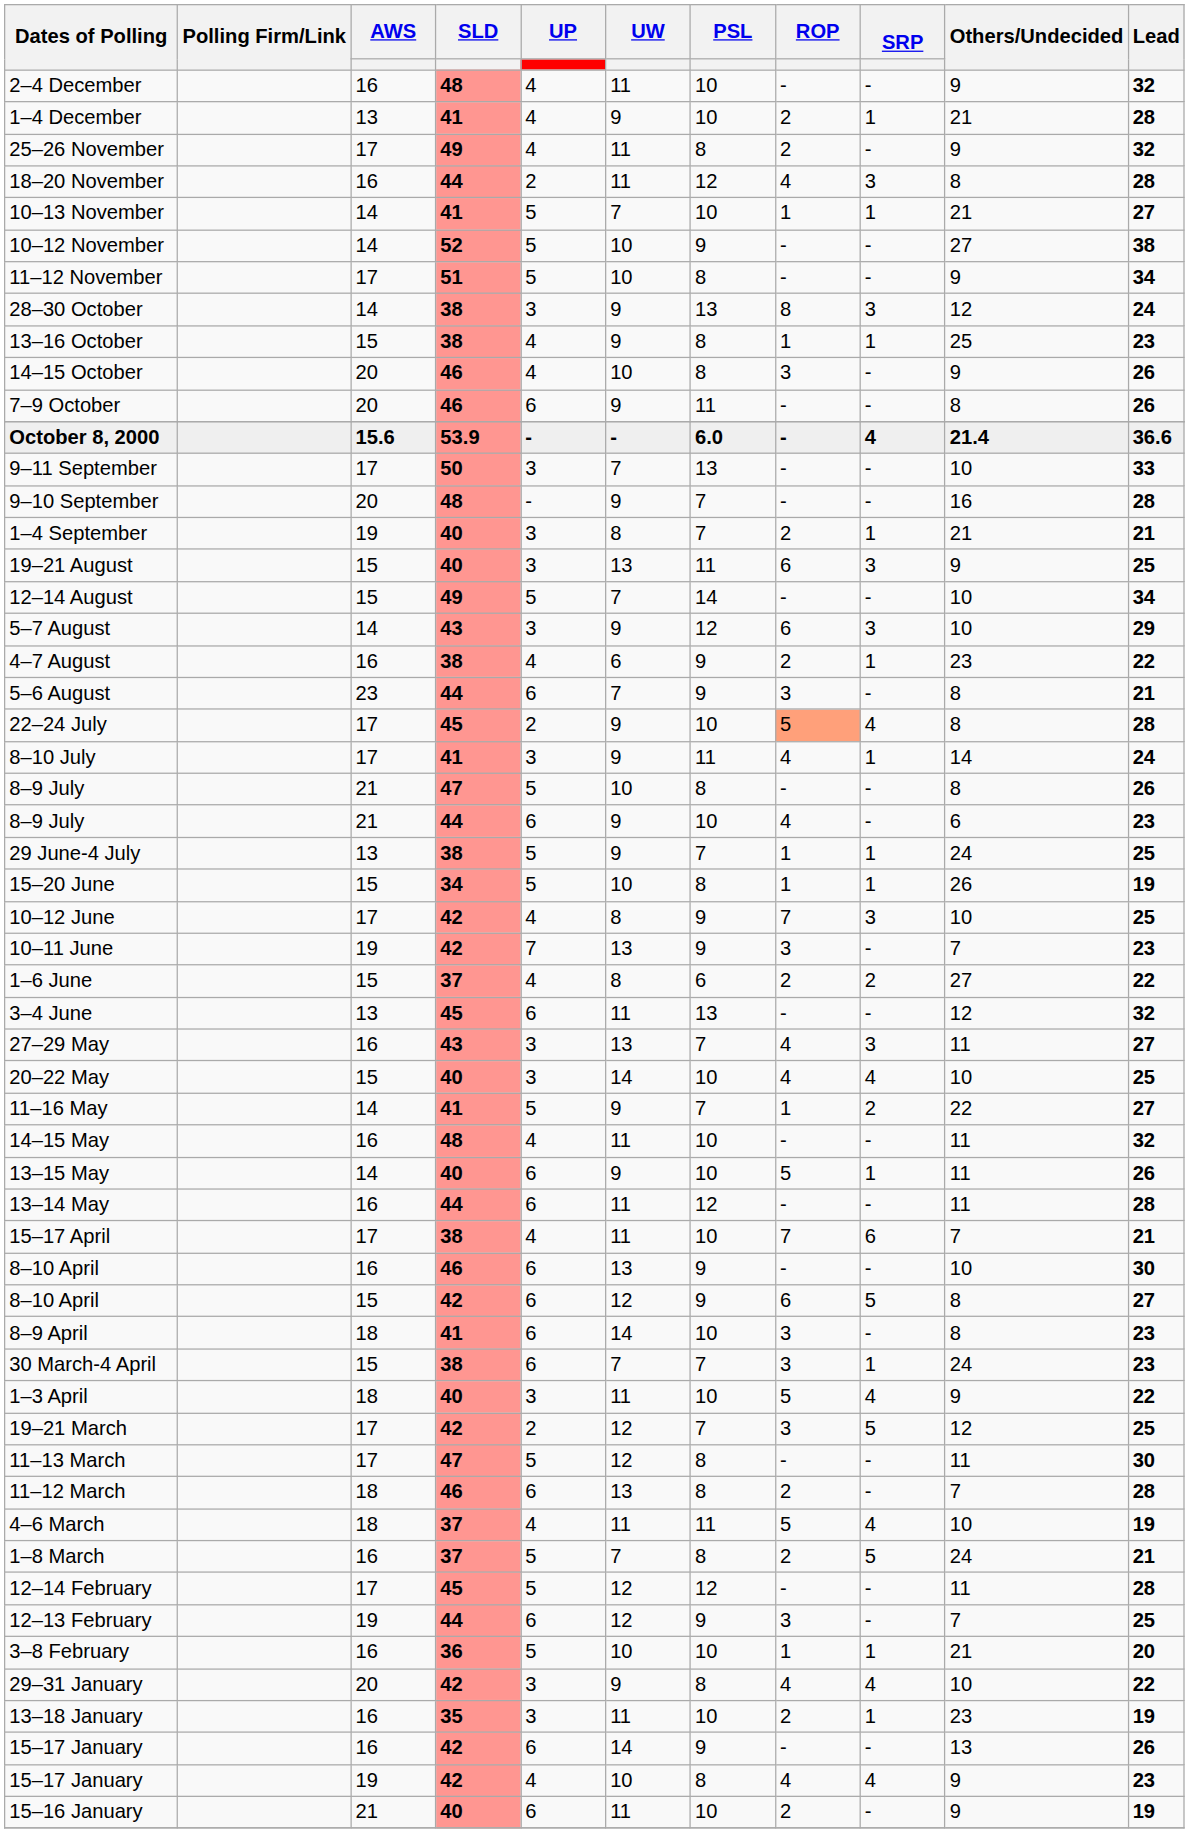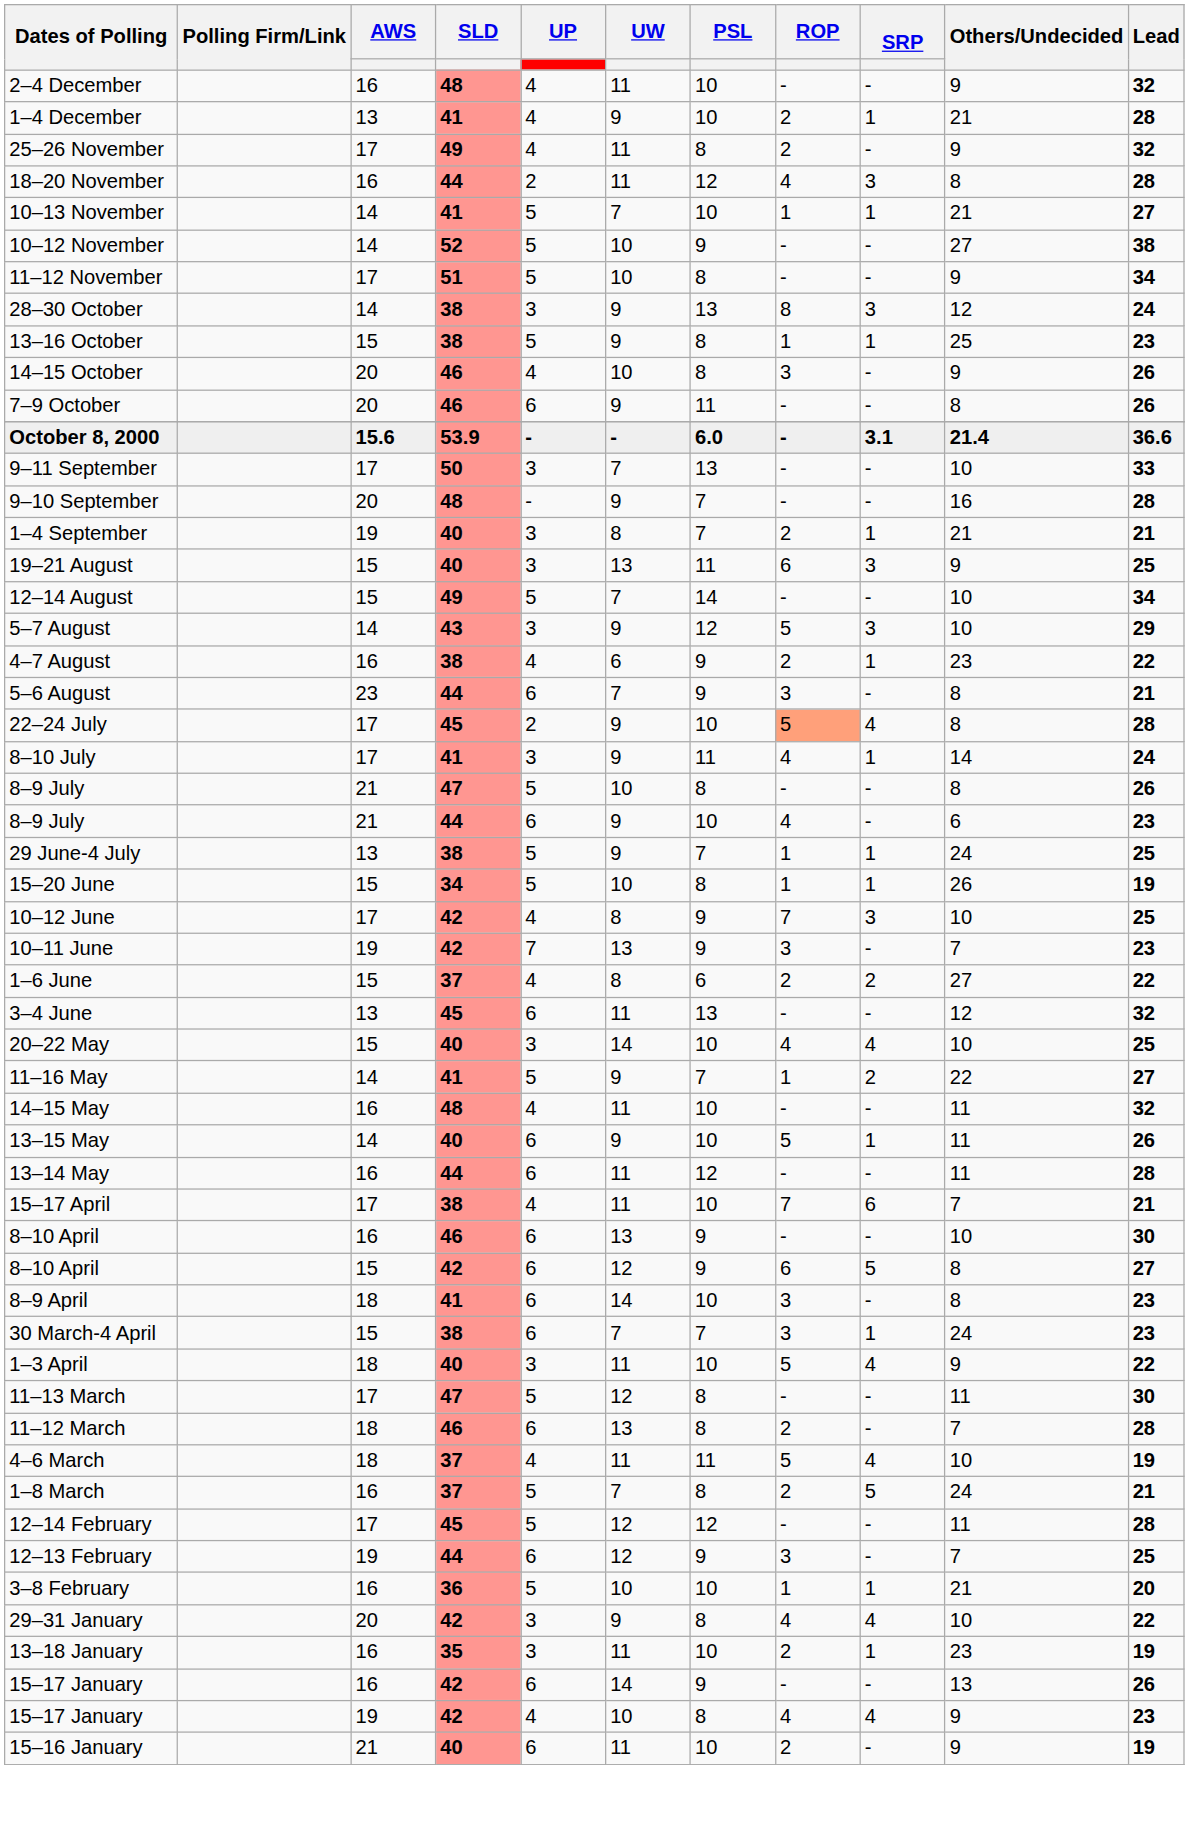 <table class="wikitable sortable collapsible">
 <tr style="height:42px; text-align:center; background-color:#E9E9E9">
 <th rowspan="2" data-sort-type="date" style="width:130px;">Dates of Polling</th>
 <th rowspan="2" style="width:130px;">Polling Firm/Link</th>
 <th style="width:60px;" class="unsortable"><a href='#'><span>AWS</span></a></th>
 <th style="width:60px;" class="unsortable"><a href='#'><span>SLD</span></a></th>
 <th style="width:60px;" class="unsortable"><a href='#'><span>UP</span></a></th>
 <th style="width:60px;" class="unsortable"><a href='#'><span>UW</span></a></th>
 <th style="width:60px;" class="unsortable"><a href='#'><span>PSL</span></a></th>
 <th style="width:60px;" class="unsortable"><a href='#'><span>ROP</span></a></th>
 <th style="width:60px;" class="unsortable"><br><a href='#'><span>SRP</span></a></th>
 <th rowspan="2" data-sort-type="number" style="width:40px;">Others/Undecided</th>
 <th rowspan="2" data-sort-type="number" style="width:30px;">Lead</th>
 </tr>
 <tr>
 <th data-sort-type="number" style="height:1px; background:"></th>
 <th data-sort-type="number" style="height:1px; background:"></th>
 <th data-sort-type="number" style="height:1px; background:Red;"></th>
 <th data-sort-type="number" style="height:1px; background:"></th>
 <th data-sort-type="number" style="height:1px; background:"></th>
 <th data-sort-type="number" style="height:1px; background:"></th>
 <th data-sort-type="number" style="height:1px; background:"></th>
 </tr>
 <tr>
 <td>2–4 December</td>
 <td></td>
 <td>16</td>
 <td style="background:#FF9691"><strong>48</strong></td>
 <td>4</td>
 <td>11</td>
 <td>10</td>
 <td>-</td>
 <td>-</td>
 <td>9</td>
 <td style="background:"><strong>32</strong></td>
 </tr>
 <tr>
 <td>1–4 December</td>
 <td></td>
 <td>13</td>
 <td style="background:#FF9691"><strong>41</strong></td>
 <td>4</td>
 <td>9</td>
 <td>10</td>
 <td>2</td>
 <td>1</td>
 <td>21</td>
 <td style="background:"><strong>28</strong></td>
 </tr>
 <tr>
 <td>25–26 November</td>
 <td></td>
 <td>17</td>
 <td style="background:#FF9691"><strong>49</strong></td>
 <td>4</td>
 <td>11</td>
 <td>8</td>
 <td>2</td>
 <td>-</td>
 <td>9</td>
 <td style="background:"><strong>32</strong></td>
 </tr>
 <tr>
 <td>18–20 November</td>
 <td></td>
 <td>16</td>
 <td style="background:#FF9691"><strong>44</strong></td>
 <td>2</td>
 <td>11</td>
 <td>12</td>
 <td>4</td>
 <td>3</td>
 <td>8</td>
 <td style="background:"><strong>28</strong></td>
 </tr>
 <tr>
 <td>10–13 November</td>
 <td></td>
 <td>14</td>
 <td style="background:#FF9691"><strong>41</strong></td>
 <td>5</td>
 <td>7</td>
 <td>10</td>
 <td>1</td>
 <td>1</td>
 <td>21</td>
 <td style="background:"><strong>27</strong></td>
 </tr>
 <tr>
 <td>10–12 November</td>
 <td></td>
 <td>14</td>
 <td style="background:#FF9691"><strong>52</strong></td>
 <td>5</td>
 <td>10</td>
 <td>9</td>
 <td>-</td>
 <td>-</td>
 <td>27</td>
 <td style="background:"><strong>38</strong></td>
 </tr>
 <tr>
 <td>11–12 November</td>
 <td></td>
 <td>17</td>
 <td style="background:#FF9691"><strong>51</strong></td>
 <td>5</td>
 <td>10</td>
 <td>8</td>
 <td>-</td>
 <td>-</td>
 <td>9</td>
 <td style="background:"><strong>34</strong></td>
 </tr>
 <tr>
 <td>28–30 October</td>
 <td></td>
 <td>14</td>
 <td style="background:#FF9691"><strong>38</strong></td>
 <td>3</td>
 <td>9</td>
 <td>13</td>
 <td>8</td>
 <td>3</td>
 <td>12</td>
 <td style="background:"><strong>24</strong></td>
 </tr>
 <tr>
 <td>13–16 October</td>
 <td></td>
 <td>15</td>
 <td style="background:#FF9691"><strong>38</strong></td>
-<td>4</td>
+<td>5</td>
 <td>9</td>
 <td>8</td>
 <td>1</td>
 <td>1</td>
 <td>25</td>
 <td style="background:"><strong>23</strong></td>
 </tr>
 <tr>
 <td>14–15 October</td>
 <td></td>
 <td>20</td>
 <td style="background:#FF9691"><strong>46</strong></td>
 <td>4</td>
 <td>10</td>
 <td>8</td>
 <td>3</td>
 <td>-</td>
 <td>9</td>
 <td style="background:"><strong>26</strong></td>
 </tr>
 <tr>
 <td>7–9 October</td>
 <td></td>
 <td>20</td>
 <td style="background:#FF9691"><strong>46</strong></td>
 <td>6</td>
 <td>9</td>
 <td>11</td>
 <td>-</td>
 <td>-</td>
 <td>8</td>
 <td style="background:"><strong>26</strong></td>
 </tr>
 <tr>
 </tr>
 <tr style="background:#EFEFEF; font-weight:bold;">
 <td>October 8, 2000</td>
 <td></td>
 <td>15.6</td>
 <td style="background:#FF9691"><strong>53.9</strong></td>
 <td>-</td>
 <td>-</td>
 <td>6.0</td>
 <td>-</td>
-<td>4</td>
+<td>3.1</td>
 <td>21.4</td>
 <td style="background:"><strong>36.6</strong></td>
 </tr>
 <tr>
 <td>9–11 September</td>
 <td></td>
 <td>17</td>
 <td style="background:#FF9691"><strong>50</strong></td>
 <td>3</td>
 <td>7</td>
 <td>13</td>
 <td>-</td>
 <td>-</td>
 <td>10</td>
 <td style="background:"><strong>33</strong></td>
 </tr>
 <tr>
 <td>9–10 September</td>
 <td></td>
 <td>20</td>
 <td style="background:#FF9691"><strong>48</strong></td>
 <td>-</td>
 <td>9</td>
 <td>7</td>
 <td>-</td>
 <td>-</td>
 <td>16</td>
 <td style="background:"><strong>28</strong></td>
 </tr>
 <tr>
 <td>1–4 September</td>
 <td></td>
 <td>19</td>
 <td style="background:#FF9691"><strong>40</strong></td>
 <td>3</td>
 <td>8</td>
 <td>7</td>
 <td>2</td>
 <td>1</td>
 <td>21</td>
 <td style="background:"><strong>21</strong></td>
 </tr>
 <tr>
 <td>19–21 August</td>
 <td></td>
 <td>15</td>
 <td style="background:#FF9691"><strong>40</strong></td>
 <td>3</td>
 <td>13</td>
 <td>11</td>
 <td>6</td>
 <td>3</td>
 <td>9</td>
 <td style="background:"><strong>25</strong></td>
 </tr>
 <tr>
 <td>12–14 August</td>
 <td></td>
 <td>15</td>
 <td style="background:#FF9691"><strong>49</strong></td>
 <td>5</td>
 <td>7</td>
 <td>14</td>
 <td>-</td>
 <td>-</td>
 <td>10</td>
 <td style="background:"><strong>34</strong></td>
 </tr>
 <tr>
 <td>5–7 August</td>
 <td></td>
 <td>14</td>
 <td style="background:#FF9691"><strong>43</strong></td>
 <td>3</td>
 <td>9</td>
 <td>12</td>
-<td>6</td>
+<td>5</td>
 <td>3</td>
 <td>10</td>
 <td style="background:"><strong>29</strong></td>
 </tr>
 <tr>
 <td>4–7 August</td>
 <td></td>
 <td>16</td>
 <td style="background:#FF9691"><strong>38</strong></td>
 <td>4</td>
 <td>6</td>
 <td>9</td>
 <td>2</td>
 <td>1</td>
 <td>23</td>
 <td style="background:"><strong>22</strong></td>
 </tr>
 <tr>
 <td>5–6 August</td>
 <td></td>
 <td>23</td>
 <td style="background:#FF9691"><strong>44</strong></td>
 <td>6</td>
 <td>7</td>
 <td>9</td>
 <td>3</td>
 <td>-</td>
 <td>8</td>
 <td style="background:"><strong>21</strong></td>
 </tr>
 <tr>
 <td>22–24 July</td>
 <td></td>
 <td>17</td>
 <td style="background:#FF9691"><strong>45</strong></td>
 <td>2</td>
 <td>9</td>
 <td>10</td>
 <td style="background: lightsalmon;">5</td>
 <td>4</td>
 <td>8</td>
 <td style="background:"><strong>28</strong></td>
 </tr>
 <tr>
 <td>8–10 July</td>
 <td></td>
 <td>17</td>
 <td style="background:#FF9691"><strong>41</strong></td>
 <td>3</td>
 <td>9</td>
 <td>11</td>
 <td>4</td>
 <td>1</td>
 <td>14</td>
 <td style="background:"><strong>24</strong></td>
 </tr>
 <tr>
 <td>8–9 July</td>
 <td></td>
 <td>21</td>
 <td style="background:#FF9691"><strong>47</strong></td>
 <td>5</td>
 <td>10</td>
 <td>8</td>
 <td>-</td>
 <td>-</td>
 <td>8</td>
 <td style="background:"><strong>26</strong></td>
 </tr>
 <tr>
 <td>8–9 July</td>
 <td></td>
 <td>21</td>
 <td style="background:#FF9691"><strong>44</strong></td>
 <td>6</td>
 <td>9</td>
 <td>10</td>
 <td>4</td>
 <td>-</td>
 <td>6</td>
 <td style="background:"><strong>23</strong></td>
 </tr>
 <tr>
 <td>29 June-4 July</td>
 <td></td>
 <td>13</td>
 <td style="background:#FF9691"><strong>38</strong></td>
 <td>5</td>
 <td>9</td>
 <td>7</td>
 <td>1</td>
 <td>1</td>
 <td>24</td>
 <td style="background:"><strong>25</strong></td>
 </tr>
 <tr>
 <td>15–20 June</td>
 <td></td>
 <td>15</td>
 <td style="background:#FF9691"><strong>34</strong></td>
 <td>5</td>
 <td>10</td>
 <td>8</td>
 <td>1</td>
 <td>1</td>
 <td>26</td>
 <td style="background:"><strong>19</strong></td>
 </tr>
 <tr>
 <td>10–12 June</td>
 <td></td>
 <td>17</td>
 <td style="background:#FF9691"><strong>42</strong></td>
 <td>4</td>
 <td>8</td>
 <td>9</td>
 <td>7</td>
 <td>3</td>
 <td>10</td>
 <td style="background:"><strong>25</strong></td>
 </tr>
 <tr>
 <td>10–11 June</td>
 <td></td>
 <td>19</td>
 <td style="background:#FF9691"><strong>42</strong></td>
 <td>7</td>
 <td>13</td>
 <td>9</td>
 <td>3</td>
 <td>-</td>
 <td>7</td>
 <td style="background:"><strong>23</strong></td>
 </tr>
 <tr>
 <td>1–6 June</td>
 <td></td>
 <td>15</td>
 <td style="background:#FF9691"><strong>37</strong></td>
 <td>4</td>
 <td>8</td>
 <td>6</td>
 <td>2</td>
 <td>2</td>
 <td>27</td>
 <td style="background:"><strong>22</strong></td>
 </tr>
 <tr>
 <td>3–4 June</td>
 <td></td>
 <td>13</td>
 <td style="background:#FF9691"><strong>45</strong></td>
 <td>6</td>
 <td>11</td>
 <td>13</td>
 <td>-</td>
 <td>-</td>
 <td>12</td>
 <td style="background:"><strong>32</strong></td>
 </tr>
 <tr>
-<td>27–29 May</td>
-<td></td>
-<td>16</td>
-<td style="background:#FF9691"><strong>43</strong></td>
-<td>3</td>
-<td>13</td>
-<td>7</td>
-<td>4</td>
-<td>3</td>
-<td>11</td>
-<td style="background:"><strong>27</strong></td>
-</tr>
-<tr>
 <td>20–22 May</td>
 <td></td>
 <td>15</td>
 <td style="background:#FF9691"><strong>40</strong></td>
 <td>3</td>
 <td>14</td>
 <td>10</td>
 <td>4</td>
 <td>4</td>
 <td>10</td>
 <td style="background:"><strong>25</strong></td>
 </tr>
 <tr>
 <td>11–16 May</td>
 <td></td>
 <td>14</td>
 <td style="background:#FF9691"><strong>41</strong></td>
 <td>5</td>
 <td>9</td>
 <td>7</td>
 <td>1</td>
 <td>2</td>
 <td>22</td>
 <td style="background:"><strong>27</strong></td>
 </tr>
 <tr>
 <td>14–15 May</td>
 <td></td>
 <td>16</td>
 <td style="background:#FF9691"><strong>48</strong></td>
 <td>4</td>
 <td>11</td>
 <td>10</td>
 <td>-</td>
 <td>-</td>
 <td>11</td>
 <td style="background:"><strong>32</strong></td>
 </tr>
 <tr>
 <td>13–15 May</td>
 <td></td>
 <td>14</td>
 <td style="background:#FF9691"><strong>40</strong></td>
 <td>6</td>
 <td>9</td>
 <td>10</td>
 <td>5</td>
 <td>1</td>
 <td>11</td>
 <td style="background:"><strong>26</strong></td>
 </tr>
 <tr>
 <td>13–14 May</td>
 <td></td>
 <td>16</td>
 <td style="background:#FF9691"><strong>44</strong></td>
 <td>6</td>
 <td>11</td>
 <td>12</td>
 <td>-</td>
 <td>-</td>
 <td>11</td>
 <td style="background:"><strong>28</strong></td>
 </tr>
 <tr>
 <td>15–17 April</td>
 <td></td>
 <td>17</td>
 <td style="background:#FF9691"><strong>38</strong></td>
 <td>4</td>
 <td>11</td>
 <td>10</td>
 <td>7</td>
 <td>6</td>
 <td>7</td>
 <td style="background:"><strong>21</strong></td>
 </tr>
 <tr>
 <td>8–10 April</td>
 <td></td>
 <td>16</td>
 <td style="background:#FF9691"><strong>46</strong></td>
 <td>6</td>
 <td>13</td>
 <td>9</td>
 <td>-</td>
 <td>-</td>
 <td>10</td>
 <td style="background:"><strong>30</strong></td>
 </tr>
 <tr>
 <td>8–10 April</td>
 <td></td>
 <td>15</td>
 <td style="background:#FF9691"><strong>42</strong></td>
 <td>6</td>
 <td>12</td>
 <td>9</td>
 <td>6</td>
 <td>5</td>
 <td>8</td>
 <td style="background:"><strong>27</strong></td>
 </tr>
 <tr>
 <td>8–9 April</td>
 <td></td>
 <td>18</td>
 <td style="background:#FF9691"><strong>41</strong></td>
 <td>6</td>
 <td>14</td>
 <td>10</td>
 <td>3</td>
 <td>-</td>
 <td>8</td>
 <td style="background:"><strong>23</strong></td>
 </tr>
 <tr>
 <td>30 March-4 April</td>
 <td></td>
 <td>15</td>
 <td style="background:#FF9691"><strong>38</strong></td>
 <td>6</td>
 <td>7</td>
 <td>7</td>
 <td>3</td>
 <td>1</td>
 <td>24</td>
 <td style="background:"><strong>23</strong></td>
 </tr>
 <tr>
 <td>1–3 April</td>
 <td></td>
 <td>18</td>
 <td style="background:#FF9691"><strong>40</strong></td>
 <td>3</td>
 <td>11</td>
 <td>10</td>
 <td>5</td>
 <td>4</td>
 <td>9</td>
 <td style="background:"><strong>22</strong></td>
-</tr>
-<tr>
-<td>19–21 March</td>
-<td></td>
-<td>17</td>
-<td style="background:#FF9691"><strong>42</strong></td>
-<td>2</td>
-<td>12</td>
-<td>7</td>
-<td>3</td>
-<td>5</td>
-<td>12</td>
-<td style="background:"><strong>25</strong></td>
 </tr>
 <tr>
 <td>11–13 March</td>
 <td></td>
 <td>17</td>
 <td style="background:#FF9691"><strong>47</strong></td>
 <td>5</td>
 <td>12</td>
 <td>8</td>
 <td>-</td>
 <td>-</td>
 <td>11</td>
 <td style="background:"><strong>30</strong></td>
 </tr>
 <tr>
 <td>11–12 March</td>
 <td></td>
 <td>18</td>
 <td style="background:#FF9691"><strong>46</strong></td>
 <td>6</td>
 <td>13</td>
 <td>8</td>
 <td>2</td>
 <td>-</td>
 <td>7</td>
 <td style="background:"><strong>28</strong></td>
 </tr>
 <tr>
 <td>4–6 March</td>
 <td></td>
 <td>18</td>
 <td style="background:#FF9691"><strong>37</strong></td>
 <td>4</td>
 <td>11</td>
 <td>11</td>
 <td>5</td>
 <td>4</td>
 <td>10</td>
 <td style="background:"><strong>19</strong></td>
 </tr>
 <tr>
 <td>1–8 March</td>
 <td></td>
 <td>16</td>
 <td style="background:#FF9691"><strong>37</strong></td>
 <td>5</td>
 <td>7</td>
 <td>8</td>
 <td>2</td>
 <td>5</td>
 <td>24</td>
 <td style="background:"><strong>21</strong></td>
 </tr>
 <tr>
 <td>12–14 February</td>
 <td></td>
 <td>17</td>
 <td style="background:#FF9691"><strong>45</strong></td>
 <td>5</td>
 <td>12</td>
 <td>12</td>
 <td>-</td>
 <td>-</td>
 <td>11</td>
 <td style="background:"><strong>28</strong></td>
 </tr>
 <tr>
 <td>12–13 February</td>
 <td></td>
 <td>19</td>
 <td style="background:#FF9691"><strong>44</strong></td>
 <td>6</td>
 <td>12</td>
 <td>9</td>
 <td>3</td>
 <td>-</td>
 <td>7</td>
 <td style="background:"><strong>25</strong></td>
 </tr>
 <tr>
 <td>3–8 February</td>
 <td></td>
 <td>16</td>
 <td style="background:#FF9691"><strong>36</strong></td>
 <td>5</td>
 <td>10</td>
 <td>10</td>
 <td>1</td>
 <td>1</td>
 <td>21</td>
 <td style="background:"><strong>20</strong></td>
 </tr>
 <tr>
 <td>29–31 January</td>
 <td></td>
 <td>20</td>
 <td style="background:#FF9691"><strong>42</strong></td>
 <td>3</td>
 <td>9</td>
 <td>8</td>
 <td>4</td>
 <td>4</td>
 <td>10</td>
 <td style="background:"><strong>22</strong></td>
 </tr>
 <tr>
 <td>13–18 January</td>
 <td></td>
 <td>16</td>
 <td style="background:#FF9691"><strong>35</strong></td>
 <td>3</td>
 <td>11</td>
 <td>10</td>
 <td>2</td>
 <td>1</td>
 <td>23</td>
 <td style="background:"><strong>19</strong></td>
 </tr>
 <tr>
 <td>15–17 January</td>
 <td></td>
 <td>16</td>
 <td style="background:#FF9691"><strong>42</strong></td>
 <td>6</td>
 <td>14</td>
 <td>9</td>
 <td>-</td>
 <td>-</td>
 <td>13</td>
 <td style="background:"><strong>26</strong></td>
 </tr>
 <tr>
 <td>15–17 January</td>
 <td></td>
 <td>19</td>
 <td style="background:#FF9691"><strong>42</strong></td>
 <td>4</td>
 <td>10</td>
 <td>8</td>
 <td>4</td>
 <td>4</td>
 <td>9</td>
 <td style="background:"><strong>23</strong></td>
 </tr>
 <tr>
 <td>15–16 January</td>
 <td></td>
 <td>21</td>
 <td style="background:#FF9691"><strong>40</strong></td>
 <td>6</td>
 <td>11</td>
 <td>10</td>
 <td>2</td>
 <td>-</td>
 <td>9</td>
 <td style="background:"><strong>19</strong></td>
 </tr>
 <tr>
 </tr>
 </table>
